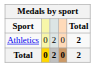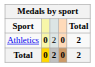 <table class=wikitable style="font-size:85%; float:right">
 <tr bgcolor=efefef>
 <th colspan=7>Medals by sport</th>
 </tr>
 <tr align=center>
 <td><strong>Sport</strong></td>
 <td bgcolor=f7f6a8></td>
 <td bgcolor=dce5e5></td>
 <td bgcolor=ffdab9></td>
 <td><strong>Total</strong></td>
 </tr>
 <tr align=center>
 <td><a href='#'>Athletics</a></td>
-<td style="background:#F7F6A8;">0</td>
+<td style="background:#F7F6A8;"><strong>0</strong></td>
 <td style="background:#DCE5E5;">2</td>
-<td style="background:#FFDAB9;">0</td>
+<td style="background:#FFDAB9;"><strong>0</strong></td>
 <td><strong>2</strong></td>
 </tr>
 <tr align=center>
 <th>Total</th>
 <th style="background:gold;">0</th>
 <th style="background:silver;">2</th>
 <th style="background:#c96;">0</th>
 <th>2</th>
 </tr>
 </table>
